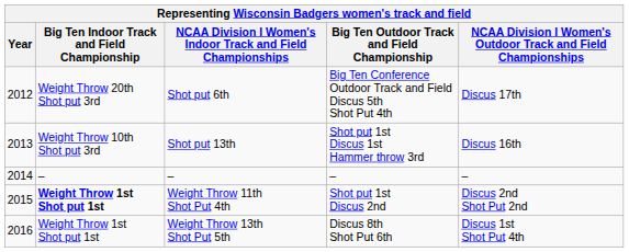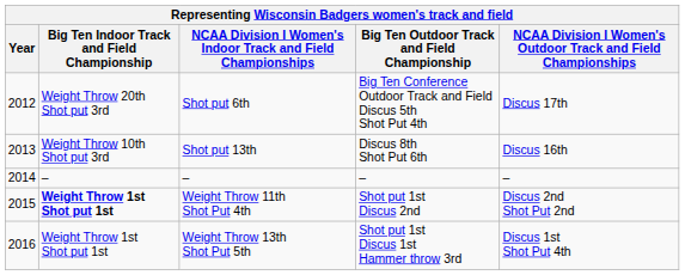 <table class="wikitable sortable">
 <tr>
 <th colspan="7">Representing <a href='#'>Wisconsin Badgers women's track and field</a></th>
 </tr>
 <tr>
 <th>Year</th>
 <th>Big Ten Indoor Track and Field Championship</th>
 <th><a href='#'>NCAA Division I Women's Indoor Track and Field Championships</a></th>
 <th>Big Ten Outdoor Track and Field Championship</th>
 <th><a href='#'>NCAA Division I Women's Outdoor Track and Field Championships</a></th>
 </tr>
 <tr>
 <td>2012</td>
 <td><a href='#'>Weight Throw</a>  20th<br> <a href='#'>Shot put</a>  3rd</td>
 <td><a href='#'>Shot put</a>  6th</td>
 <td><a href='#'>Big Ten Conference</a> Outdoor Track and Field <br>Discus  5th<br>Shot Put  4th</td>
 <td><a href='#'>Discus</a>  17th</td>
 </tr>
 <tr>
 <td>2013</td>
 <td><a href='#'>Weight Throw</a>  10th<br> <a href='#'>Shot put</a>  3rd</td>
 <td><a href='#'>Shot put</a>  13th</td>
-<td><a href='#'>Shot put</a>  1st<br> <a href='#'>Discus</a>  1st<br><a href='#'>Hammer throw</a>  3rd</td>
+<td>Discus  8th<br>Shot Put  6th</td>
 <td><a href='#'>Discus</a>  16th</td>
 </tr>
 <tr>
 <td>2014</td>
 <td>–</td>
 <td>–</td>
 <td>–</td>
 <td>–</td>
 </tr>
 <tr>
 <td>2015</td>
 <td><strong><a href='#'>Weight Throw</a>  1st<br> <a href='#'>Shot put</a>  1st</strong></td>
 <td><a href='#'>Weight Throw</a>  11th<br> <a href='#'>Shot Put</a>  4th</td>
 <td><a href='#'>Shot put</a>  1st<br> <a href='#'>Discus</a>  2nd</td>
 <td><a href='#'>Discus</a>  2nd<br> <a href='#'>Shot Put</a>  2nd</td>
 </tr>
 <tr>
 <td>2016</td>
 <td><a href='#'>Weight Throw</a>  1st<br> <a href='#'>Shot put</a>  1st</td>
 <td><a href='#'>Weight Throw</a>  13th<br> <a href='#'>Shot Put</a>  5th</td>
-<td>Discus  8th<br>Shot Put  6th</td>
+<td><a href='#'>Shot put</a>  1st<br> <a href='#'>Discus</a>  1st<br><a href='#'>Hammer throw</a>  3rd</td>
 <td><a href='#'>Discus</a>  1st<br> <a href='#'>Shot Put</a>  4th</td>
 </tr>
 </table>
